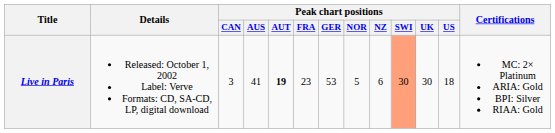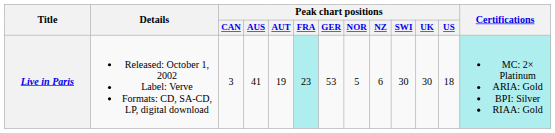 <table class="wikitable plainrowheaders" style="text-align:center;">
 <tr>
 <th scope="col" rowspan="2" style="width:14em;">Title</th>
 <th scope="col" rowspan="2" style="width:18em;">Details</th>
 <th scope="col" colspan="10">Peak chart positions</th>
 <th scope="col" rowspan="2" style="width:11em;"><a href='#'>Certifications</a></th>
 </tr>
 <tr>
 <th scope="col" style="width:2.5em;font-size:90%;"><a href='#'>CAN</a><br></th>
 <th scope="col" style="width:2.5em;font-size:90%;"><a href='#'>AUS</a><br></th>
 <th scope="col" style="width:2.5em;font-size:90%;"><a href='#'>AUT</a><br></th>
 <th scope="col" style="width:2.5em;font-size:90%;"><a href='#'>FRA</a><br></th>
 <th scope="col" style="width:2.5em;font-size:90%;"><a href='#'>GER</a><br></th>
 <th scope="col" style="width:2.5em;font-size:90%;"><a href='#'>NOR</a><br></th>
 <th scope="col" style="width:2.5em;font-size:90%;"><a href='#'>NZ</a><br></th>
 <th scope="col" style="width:2.5em;font-size:90%;"><a href='#'>SWI</a><br></th>
 <th scope="col" style="width:2.5em;font-size:90%;"><a href='#'>UK</a><br></th>
 <th scope="col" style="width:2.5em;font-size:90%;"><a href='#'>US</a><br></th>
 </tr>
 <tr>
 <th scope="row"><em><a href='#'>Live in Paris</a></em></th>
 <td><br><ul><li>Released: October 1, 2002</li><li>Label: Verve</li><li>Formats: CD, SA-CD, LP, digital download</li></ul></td>
 <td>3</td>
 <td>41</td>
-<td><strong>19</strong></td>
-<td>23</td>
+<td>19</td>
+<td style="background: paleturquoise;">23</td>
 <td>53</td>
 <td>5</td>
 <td>6</td>
-<td style="background: lightsalmon;">30</td>
+<td>30</td>
 <td>30</td>
 <td>18</td>
-<td><br><ul><li>MC: 2× Platinum</li><li>ARIA: Gold</li><li>BPI: Silver</li><li>RIAA: Gold</li></ul></td>
+<td style="background: paleturquoise;"><br><ul><li>MC: 2× Platinum</li><li>ARIA: Gold</li><li>BPI: Silver</li><li>RIAA: Gold</li></ul></td>
 </tr>
 </table>
